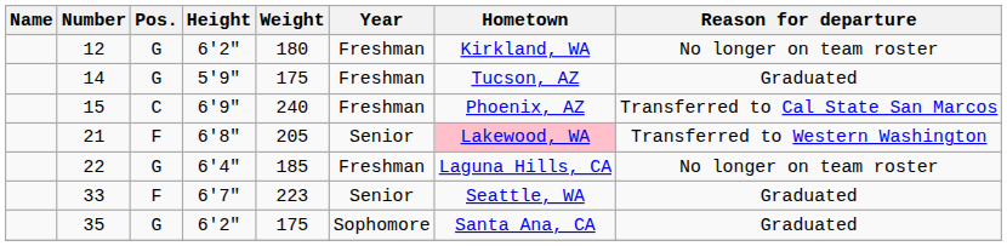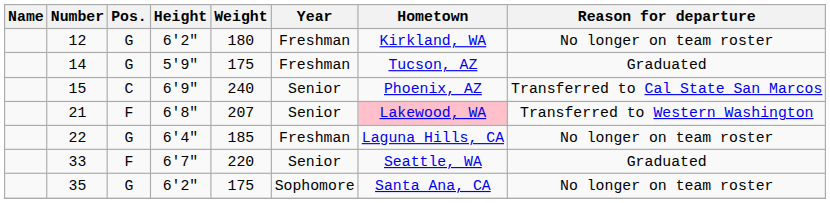 <table class="wikitable sortable sortable" style="text-align: center">
 <tr align=center>
 <th>Name</th>
 <th>Number</th>
 <th>Pos.</th>
 <th>Height</th>
 <th>Weight</th>
 <th>Year</th>
 <th>Hometown</th>
 <th>Reason for departure</th>
 </tr>
 <tr>
 <td></td>
 <td>12</td>
 <td>G</td>
 <td>6'2"</td>
 <td>180</td>
 <td>Freshman</td>
 <td><a href='#'>Kirkland, WA</a></td>
 <td>No longer on team roster</td>
 </tr>
 <tr>
 <td></td>
 <td>14</td>
 <td>G</td>
 <td>5'9"</td>
 <td>175</td>
 <td>Freshman</td>
 <td><a href='#'>Tucson, AZ</a></td>
 <td>Graduated</td>
 </tr>
 <tr>
 <td></td>
 <td>15</td>
 <td>C</td>
 <td>6'9"</td>
 <td>240</td>
-<td>Freshman</td>
+<td>Senior</td>
 <td><a href='#'>Phoenix, AZ</a></td>
 <td>Transferred to <a href='#'>Cal State San Marcos</a></td>
 </tr>
 <tr>
 <td></td>
 <td>21</td>
 <td>F</td>
 <td>6'8"</td>
-<td>205</td>
+<td>207</td>
 <td>Senior</td>
 <td style="background: pink;"><a href='#'>Lakewood, WA</a></td>
 <td>Transferred to <a href='#'>Western Washington</a></td>
 </tr>
 <tr>
 <td></td>
 <td>22</td>
 <td>G</td>
 <td>6'4"</td>
 <td>185</td>
 <td>Freshman</td>
 <td><a href='#'>Laguna Hills, CA</a></td>
 <td>No longer on team roster</td>
 </tr>
 <tr>
 <td></td>
 <td>33</td>
 <td>F</td>
 <td>6'7"</td>
-<td>223</td>
+<td>220</td>
 <td>Senior</td>
 <td><a href='#'>Seattle, WA</a></td>
 <td>Graduated</td>
 </tr>
 <tr>
 <td></td>
 <td>35</td>
 <td>G</td>
 <td>6'2"</td>
 <td>175</td>
 <td>Sophomore</td>
 <td><a href='#'>Santa Ana, CA</a></td>
-<td>Graduated</td>
+<td>No longer on team roster</td>
 </tr>
 <tr>
 </tr>
 </table>
